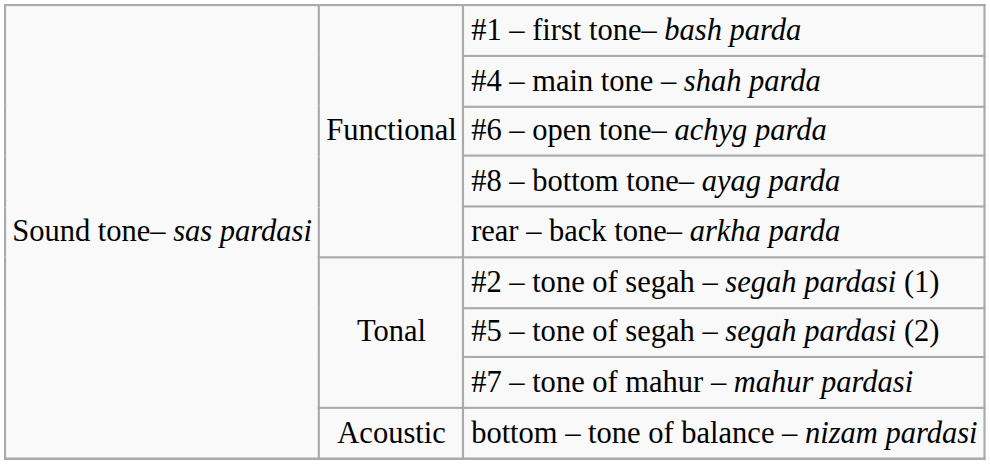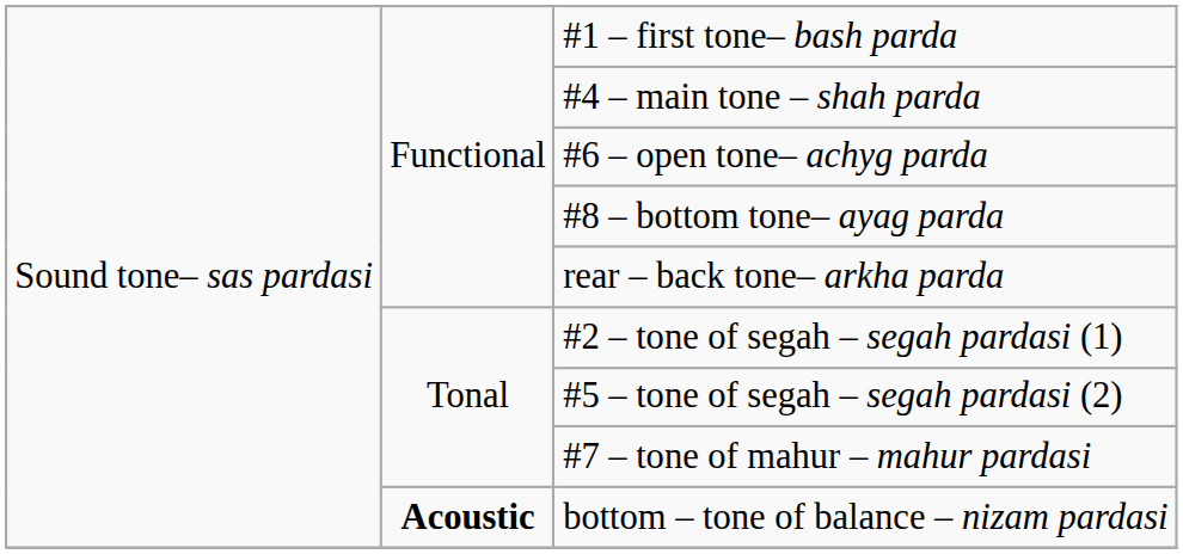 <table class="wikitable" style="font-size:90%">
 <tr>
 <td rowspan="9" align="center">Sound tone– <em>sas pardasi</em></td>
 <td rowspan="5" align="center">Functional</td>
 <td>#1 – first tone– <em>bash parda</em></td>
 </tr>
 <tr>
 <td>#4 – main tone – <em>shah parda</em></td>
 </tr>
 <tr>
 <td>#6 – open tone– <em>achyg parda</em></td>
 </tr>
 <tr>
 <td>#8 – bottom tone– <em>ayag parda</em></td>
 </tr>
 <tr>
 <td>rear – back tone– <em>arkha parda</em></td>
 </tr>
 <tr>
 <td rowspan="3" align="center">Tonal</td>
 <td>#2 – tone of segah – <em>segah pardasi</em> (1)</td>
 </tr>
 <tr>
 <td>#5 – tone of segah – <em>segah pardasi</em> (2)</td>
 </tr>
 <tr>
 <td>#7 – tone of mahur – <em>mahur pardasi</em></td>
 </tr>
 <tr>
-<td rowspan="1" align="center">Acoustic</td>
+<td rowspan="1" align="center"><strong>Acoustic</strong></td>
 <td>bottom – tone of balance – <em>nizam pardasi</em></td>
 </tr>
 <tr>
 </tr>
 </table>
